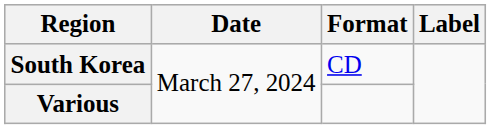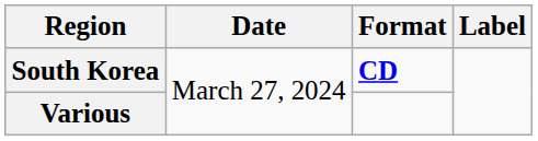 <table class="wikitable plainrowheaders">
 <tr>
 <th scope="col">Region</th>
 <th scope="col">Date</th>
 <th scope="col">Format</th>
 <th scope="col">Label</th>
 </tr>
 <tr>
 <th scope="row">South Korea</th>
 <td rowspan="2">March 27, 2024</td>
-<td><a href='#'>CD</a></td>
+<td><strong><a href='#'>CD</a></strong></td>
 <td rowspan="2"></td>
 </tr>
 <tr>
 <th scope="row">Various </th>
 <td></td>
 </tr>
 </table>
